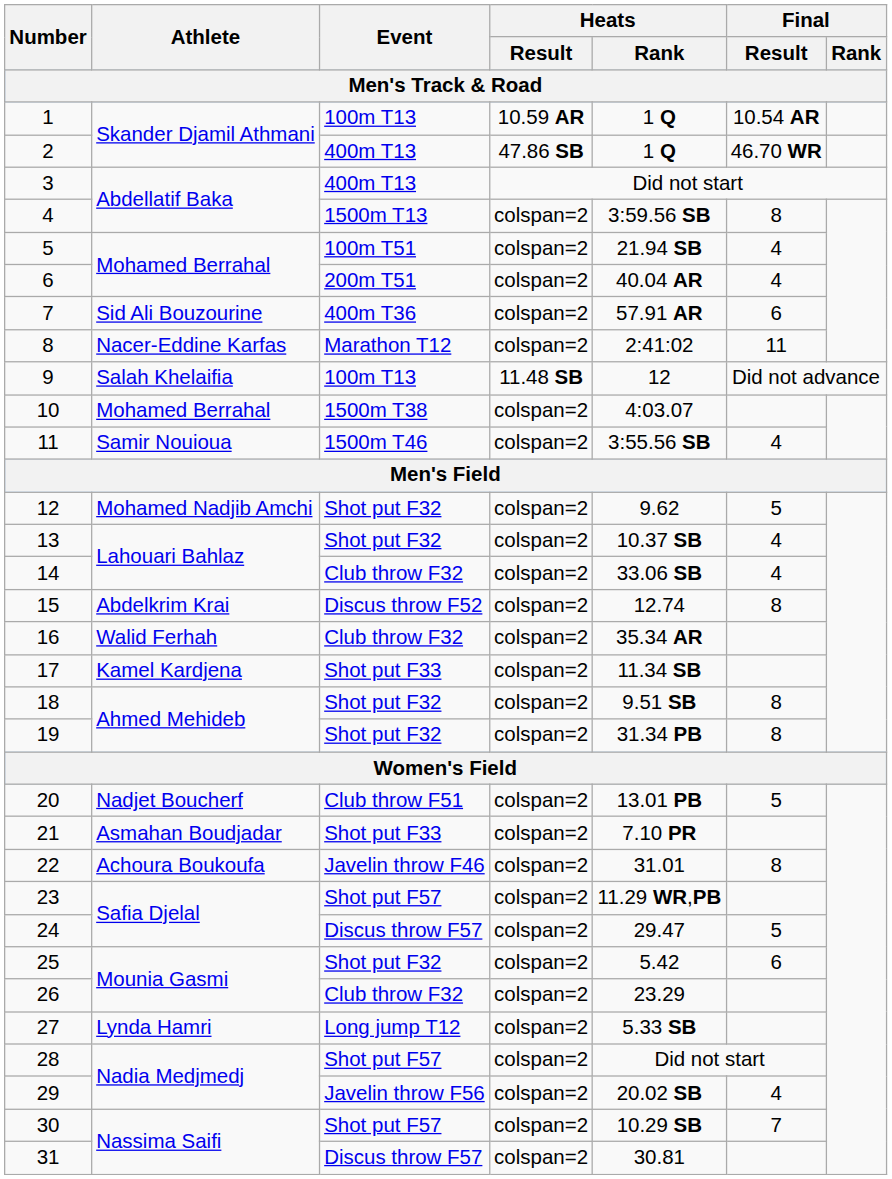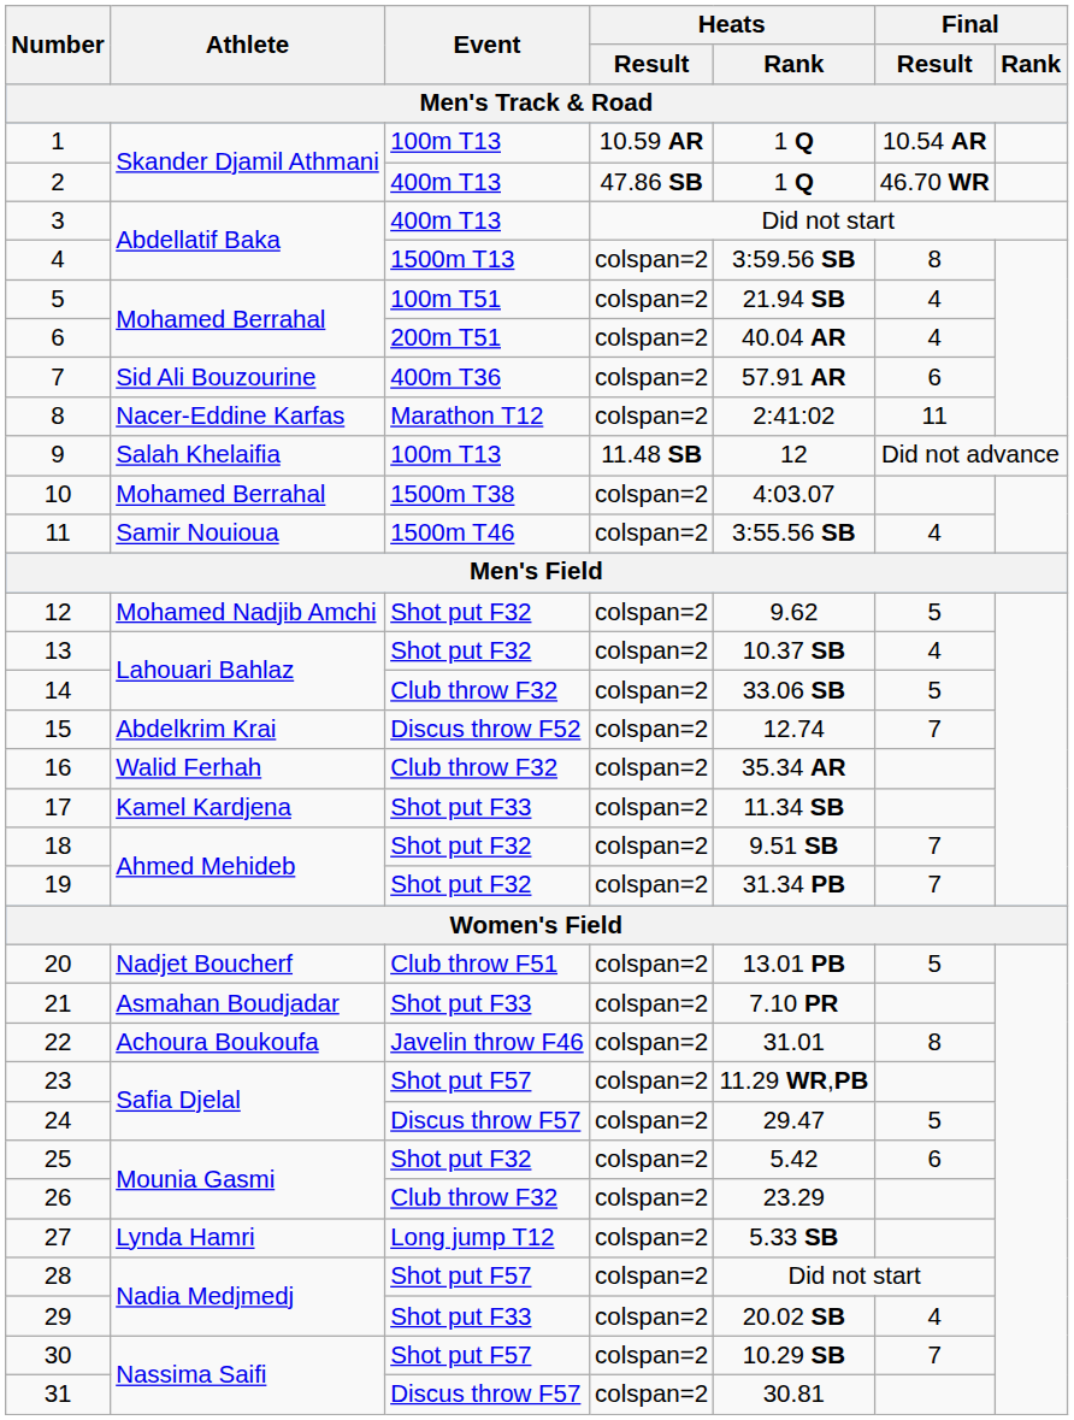 <table class=wikitable style="font-size:100%">
 <tr>
 <th rowspan="2">Number</th>
 <th rowspan="2">Athlete</th>
 <th rowspan="2">Event</th>
 <th colspan="2">Heats</th>
 <th colspan="2">Final</th>
 </tr>
 <tr>
 <th>Result</th>
 <th>Rank</th>
 <th>Result</th>
 <th>Rank</th>
 </tr>
 <tr style="background:#9acdff;">
 <th colspan=7>Men's Track & Road</th>
 </tr>
 <tr align=center>
 <td align=center>1</td>
 <td align=left rowspan=2><a href='#'>Skander Djamil Athmani</a></td>
 <td align=left><a href='#'>100m T13</a></td>
 <td>10.59 <strong>AR</strong></td>
 <td>1 <strong>Q</strong></td>
 <td>10.54 <strong>AR</strong></td>
 <td></td>
 </tr>
 <tr align=center>
 <td align=center>2</td>
 <td align=left><a href='#'>400m T13</a></td>
 <td>47.86 <strong>SB</strong></td>
 <td>1 <strong>Q</strong></td>
 <td>46.70 <strong>WR</strong></td>
 <td></td>
 </tr>
 <tr align=center>
 <td align=center>3</td>
 <td align=left rowspan=2><a href='#'>Abdellatif Baka</a></td>
 <td align=left><a href='#'>400m T13</a></td>
 <td colspan="4">Did not start</td>
 </tr>
 <tr align=center>
 <td align=center>4</td>
 <td align=left><a href='#'>1500m T13</a></td>
 <td>colspan=2</td>
 <td>3:59.56 <strong>SB</strong></td>
 <td>8</td>
 </tr>
 <tr align=center>
 <td align=center>5</td>
 <td align=left rowspan=2><a href='#'>Mohamed Berrahal</a></td>
 <td align=left><a href='#'>100m T51</a></td>
 <td>colspan=2</td>
 <td>21.94 <strong>SB</strong></td>
 <td>4</td>
 </tr>
 <tr align=center>
 <td align=center>6</td>
 <td align=left><a href='#'>200m T51</a></td>
 <td>colspan=2</td>
 <td>40.04 <strong>AR</strong></td>
 <td>4</td>
 </tr>
 <tr align=center>
 <td align=center>7</td>
 <td align=left><a href='#'>Sid Ali Bouzourine</a></td>
 <td align=left><a href='#'>400m T36</a></td>
 <td>colspan=2</td>
 <td>57.91 <strong>AR</strong></td>
 <td>6</td>
 </tr>
 <tr align=center>
 <td align=center>8</td>
 <td align=left><a href='#'>Nacer-Eddine Karfas</a></td>
 <td align=left><a href='#'>Marathon T12</a></td>
 <td>colspan=2</td>
 <td>2:41:02</td>
 <td>11</td>
 </tr>
 <tr align=center>
 <td align=center>9</td>
 <td align=left><a href='#'>Salah Khelaifia</a></td>
 <td align=left><a href='#'>100m T13</a></td>
 <td>11.48 <strong>SB</strong></td>
 <td>12</td>
 <td colspan="2">Did not advance</td>
 </tr>
 <tr align=center>
 <td align=center>10</td>
 <td align=left><a href='#'>Mohamed Berrahal</a></td>
 <td align=left><a href='#'>1500m T38</a></td>
 <td>colspan=2</td>
 <td>4:03.07</td>
 <td></td>
 </tr>
 <tr align=center>
 <td align=center>11</td>
 <td align=left><a href='#'>Samir Nouioua</a></td>
 <td align=left><a href='#'>1500m T46</a></td>
 <td>colspan=2</td>
 <td>3:55.56 <strong>SB</strong></td>
 <td>4</td>
 </tr>
 <tr style="background:#9acdff;">
 <th colspan=7>Men's Field</th>
 </tr>
 <tr align=center>
 <td align=center>12</td>
 <td align=left><a href='#'>Mohamed Nadjib Amchi</a></td>
 <td align=left><a href='#'>Shot put F32</a></td>
 <td>colspan=2 </td>
 <td>9.62</td>
 <td>5</td>
 </tr>
 <tr align=center>
 <td align=center>13</td>
 <td align=left rowspan=2><a href='#'>Lahouari Bahlaz</a></td>
 <td align=left><a href='#'>Shot put F32</a></td>
 <td>colspan=2 </td>
 <td>10.37 <strong>SB</strong></td>
 <td>4</td>
 </tr>
 <tr align=center>
 <td align=center>14</td>
 <td align=left><a href='#'>Club throw F32</a></td>
 <td>colspan=2 </td>
 <td>33.06 <strong>SB</strong></td>
-<td>4</td>
+<td>5</td>
 </tr>
 <tr align=center>
 <td align=center>15</td>
 <td align=left><a href='#'>Abdelkrim Krai</a></td>
 <td align=left><a href='#'>Discus throw F52</a></td>
 <td>colspan=2 </td>
 <td>12.74</td>
-<td>8</td>
+<td>7</td>
 </tr>
 <tr align=center>
 <td align=center>16</td>
 <td align=left><a href='#'>Walid Ferhah</a></td>
 <td align=left><a href='#'>Club throw F32</a></td>
 <td>colspan=2 </td>
 <td>35.34 <strong>AR</strong></td>
 <td></td>
 </tr>
 <tr align=center>
 <td align=center>17</td>
 <td align=left><a href='#'>Kamel Kardjena</a></td>
 <td align=left><a href='#'>Shot put F33</a></td>
 <td>colspan=2 </td>
 <td>11.34 <strong>SB</strong></td>
 <td></td>
 </tr>
 <tr align=center>
 <td align=center>18</td>
 <td align=left rowspan=2><a href='#'>Ahmed Mehideb</a></td>
 <td align=left><a href='#'>Shot put F32</a></td>
 <td>colspan=2 </td>
 <td>9.51 <strong>SB</strong></td>
-<td>8</td>
+<td>7</td>
 </tr>
 <tr align=center>
 <td align=center>19</td>
 <td align=left><a href='#'>Shot put F32</a></td>
 <td>colspan=2 </td>
 <td>31.34 <strong>PB</strong></td>
-<td>8</td>
+<td>7</td>
 </tr>
 <tr style="background:#9acdff;">
 <th colspan=7>Women's Field</th>
 </tr>
 <tr align=center>
 <td align=center>20</td>
 <td align=left><a href='#'>Nadjet Boucherf</a></td>
 <td align=left><a href='#'>Club throw F51</a></td>
 <td>colspan=2</td>
 <td>13.01 <strong>PB</strong></td>
 <td>5</td>
 </tr>
 <tr align=center>
 <td align=center>21</td>
 <td align=left><a href='#'>Asmahan Boudjadar</a></td>
 <td align=left><a href='#'>Shot put F33</a></td>
 <td>colspan=2</td>
 <td>7.10 <strong>PR</strong></td>
 <td></td>
 </tr>
 <tr align=center>
 <td align=center>22</td>
 <td align=left><a href='#'>Achoura Boukoufa</a></td>
 <td align=left><a href='#'>Javelin throw F46</a></td>
 <td>colspan=2</td>
 <td>31.01</td>
 <td>8</td>
 </tr>
 <tr align=center>
 <td align=center>23</td>
 <td align=left rowspan=2><a href='#'>Safia Djelal</a></td>
 <td align=left><a href='#'>Shot put F57</a></td>
 <td>colspan=2</td>
 <td>11.29 <strong>WR</strong>,<strong>PB</strong></td>
 <td></td>
 </tr>
 <tr align=center>
 <td align=center>24</td>
 <td align=left><a href='#'>Discus throw F57</a></td>
 <td>colspan=2</td>
 <td>29.47</td>
 <td>5</td>
 </tr>
 <tr align=center>
 <td align=center>25</td>
 <td align=left rowspan=2><a href='#'>Mounia Gasmi</a></td>
 <td align=left><a href='#'>Shot put F32</a></td>
 <td>colspan=2</td>
 <td>5.42</td>
 <td>6</td>
 </tr>
 <tr align=center>
 <td align=center>26</td>
 <td align=left><a href='#'>Club throw F32</a></td>
 <td>colspan=2</td>
 <td>23.29</td>
 <td></td>
 </tr>
 <tr align=center>
 <td align=center>27</td>
 <td align=left><a href='#'>Lynda Hamri</a></td>
 <td align=left><a href='#'>Long jump T12</a></td>
 <td>colspan=2</td>
 <td>5.33 <strong>SB</strong></td>
 <td></td>
 </tr>
 <tr align=center>
 <td align=center>28</td>
 <td align=left rowspan=2><a href='#'>Nadia Medjmedj</a></td>
 <td align=left><a href='#'>Shot put F57</a></td>
 <td>colspan=2</td>
 <td colspan="2">Did not start</td>
 </tr>
 <tr align=center>
 <td align=center>29</td>
-<td align=left><a href='#'>Javelin throw F56</a></td>
+<td align=left><a href='#'>Shot put F33</a></td>
 <td>colspan=2</td>
 <td>20.02 <strong>SB</strong></td>
 <td>4</td>
 </tr>
 <tr align=center>
 <td align=center>30</td>
 <td align=left rowspan=2><a href='#'>Nassima Saifi</a></td>
 <td align=left><a href='#'>Shot put F57</a></td>
 <td>colspan=2</td>
 <td>10.29 <strong>SB</strong></td>
 <td>7</td>
 </tr>
 <tr align=center>
 <td align=center>31</td>
 <td align=left><a href='#'>Discus throw F57</a></td>
 <td>colspan=2</td>
 <td>30.81</td>
 <td></td>
 </tr>
 </table>
